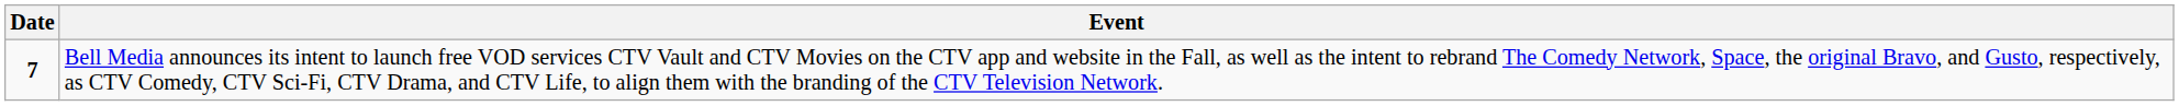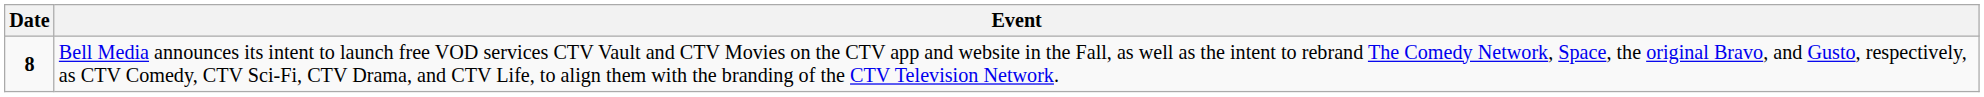 <table class="wikitable">
 <tr>
 <th>Date</th>
 <th>Event</th>
 </tr>
 <tr>
-<td style="text-align:center;"><strong>7</strong></td>
+<td style="text-align:center;"><strong>8</strong></td>
 <td><a href='#'>Bell Media</a> announces its intent to launch free VOD services CTV Vault and CTV Movies on the CTV app and website in the Fall, as well as the intent to rebrand <a href='#'>The Comedy Network</a>, <a href='#'>Space</a>, the <a href='#'>original Bravo</a>, and <a href='#'>Gusto</a>, respectively, as CTV Comedy, CTV Sci-Fi, CTV Drama, and CTV Life, to align them with the branding of the <a href='#'>CTV Television Network</a>.</td>
 </tr>
 </table>
